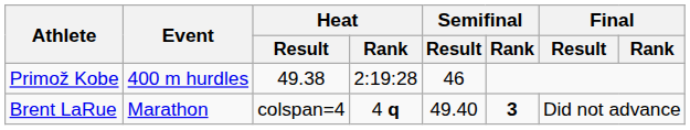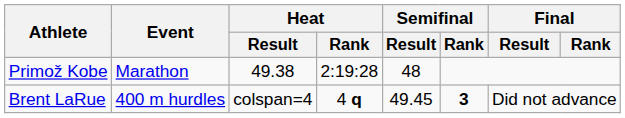 <table class="wikitable" style="font-size:90%">
 <tr>
 <th rowspan="2">Athlete</th>
 <th rowspan="2">Event</th>
 <th colspan="2">Heat</th>
 <th colspan="2">Semifinal</th>
 <th colspan="2">Final</th>
 </tr>
 <tr style="font-size:95%">
 <th>Result</th>
 <th>Rank</th>
 <th>Result</th>
 <th>Rank</th>
 <th>Result</th>
 <th>Rank</th>
 </tr>
 <tr align=center>
 <td align=left><a href='#'>Primož Kobe</a></td>
-<td align=left><a href='#'>400 m hurdles</a></td>
+<td align=left><a href='#'>Marathon</a></td>
 <td>49.38</td>
 <td>2:19:28</td>
-<td>46</td>
+<td>48</td>
 </tr>
 <tr align=center>
 <td align=left><a href='#'>Brent LaRue</a></td>
-<td align=left><a href='#'>Marathon</a></td>
+<td align=left><a href='#'>400 m hurdles</a></td>
 <td>colspan=4 </td>
 <td>4 <strong>q</strong></td>
-<td>49.40</td>
+<td>49.45</td>
 <td><strong>3</strong></td>
 <td colspan=2>Did not advance</td>
 </tr>
 </table>
